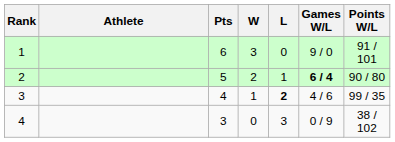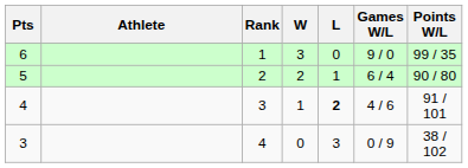 <table class="wikitable" style="text-align: center; font-size:90% ">
 <tr>
+<th width="30">Pts</th>
+<th width="200">Athlete</th>
 <th width="20">Rank</th>
-<th width="200">Athlete</th>
-<th width="30">Pts</th>
 <th width="30">W</th>
 <th width="30">L</th>
 <th width="40">Games<br>W/L</th>
 <th width="50">Points<br>W/L</th>
 </tr>
 <tr bgcolor=#ccffcc>
+<td>6</td>
+<td align=left></td>
 <td>1</td>
-<td align=left></td>
-<td>6</td>
 <td>3</td>
 <td>0</td>
 <td>9 / 0</td>
-<td>91 / 101</td>
+<td>99 / 35</td>
 </tr>
 <tr bgcolor=#ccffcc>
+<td>5</td>
+<td align=left></td>
 <td>2</td>
-<td align=left></td>
-<td>5</td>
 <td>2</td>
 <td>1</td>
-<td><strong>6 / 4</strong></td>
+<td>6 / 4</td>
 <td>90 / 80</td>
+</tr>
+<tr>
+<td>4</td>
+<td align=left></td>
+<td>3</td>
+<td>1</td>
+<td><strong>2</strong></td>
+<td>4 / 6</td>
+<td>91 / 101</td>
 </tr>
 <tr>
 <td>3</td>
 <td align=left></td>
 <td>4</td>
-<td>1</td>
-<td><strong>2</strong></td>
-<td>4 / 6</td>
-<td>99 / 35</td>
-</tr>
-<tr>
-<td>4</td>
-<td align=left></td>
-<td>3</td>
 <td>0</td>
 <td>3</td>
 <td>0 / 9</td>
 <td>38 / 102</td>
 </tr>
 </table>
